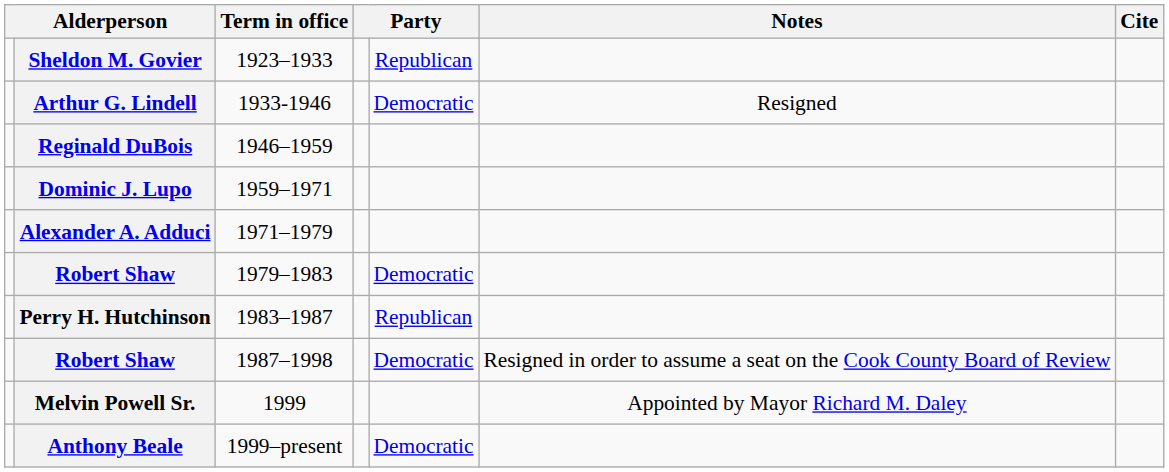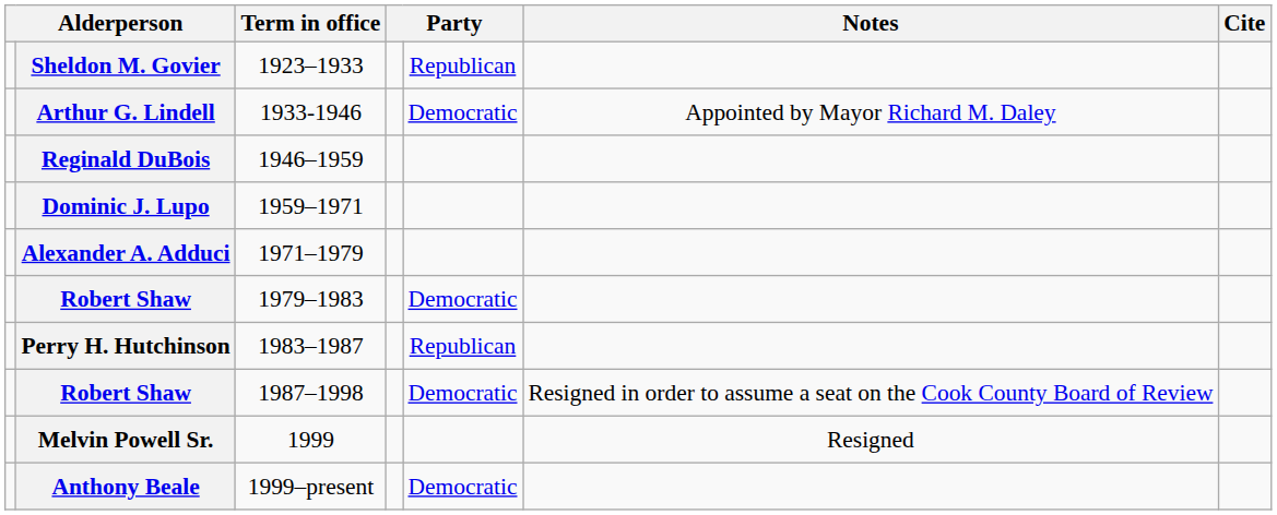 <table class="wikitable sortable" style="text-align:center;">
 <tr>
 <th scope="col" colspan="2">Alderperson</th>
 <th scope="col">Term in office</th>
 <th scope="col" colspan="2">Party</th>
 <th scope="col">Notes</th>
 <th scope="col">Cite</th>
 </tr>
 <tr style="height:2em;">
 <td></td>
 <th scope="row"><a href='#'>Sheldon M. Govier</a></th>
 <td>1923–1933</td>
 <td> </td>
 <td><a href='#'>Republican</a></td>
 <td></td>
 <td></td>
 </tr>
 <tr style="height:2em;">
 <td></td>
 <th scope="row"><a href='#'>Arthur G. Lindell</a></th>
 <td>1933-1946</td>
 <td> </td>
 <td><a href='#'>Democratic</a></td>
-<td>Resigned</td>
+<td>Appointed by Mayor <a href='#'>Richard M. Daley</a></td>
 <td></td>
 </tr>
 <tr style="height:2em;">
 <td></td>
 <th scope="row"><a href='#'>Reginald DuBois</a></th>
 <td>1946–1959</td>
 <td></td>
 <td></td>
 <td></td>
 <td></td>
 </tr>
 <tr style="height:2em;">
 <td></td>
 <th scope="row"><a href='#'>Dominic J. Lupo</a></th>
 <td>1959–1971</td>
 <td></td>
 <td></td>
 <td></td>
 <td></td>
 </tr>
 <tr style="height:2em;">
 <td></td>
 <th scope="row"><a href='#'>Alexander A. Adduci</a></th>
 <td>1971–1979</td>
 <td></td>
 <td></td>
 <td></td>
 <td></td>
 </tr>
 <tr style="height:2em;">
 <td></td>
 <th scope="row"><a href='#'>Robert Shaw</a></th>
 <td>1979–1983</td>
 <td> </td>
 <td><a href='#'>Democratic</a></td>
 <td></td>
 <td></td>
 </tr>
 <tr style="height:2em;">
 <td></td>
 <th scope="row">Perry H. Hutchinson</th>
 <td>1983–1987</td>
 <td> </td>
 <td><a href='#'>Republican</a></td>
 <td></td>
 <td></td>
 </tr>
 <tr style="height:2em;">
 <td></td>
 <th scope="row"><a href='#'>Robert Shaw</a></th>
 <td>1987–1998</td>
 <td> </td>
 <td><a href='#'>Democratic</a></td>
 <td>Resigned in order to assume a seat on the <a href='#'>Cook County Board of Review</a></td>
 <td></td>
 </tr>
 <tr style="height:2em;">
 <td></td>
 <th scope="row">Melvin Powell Sr.</th>
 <td>1999</td>
 <td></td>
 <td></td>
-<td>Appointed by Mayor <a href='#'>Richard M. Daley</a></td>
+<td>Resigned</td>
 <td></td>
 </tr>
 <tr style="height:2em;">
 <td></td>
 <th scope="row"><a href='#'>Anthony Beale</a></th>
 <td>1999–present</td>
 <td> </td>
 <td><a href='#'>Democratic</a></td>
 <td></td>
 <td></td>
 </tr>
 </table>
